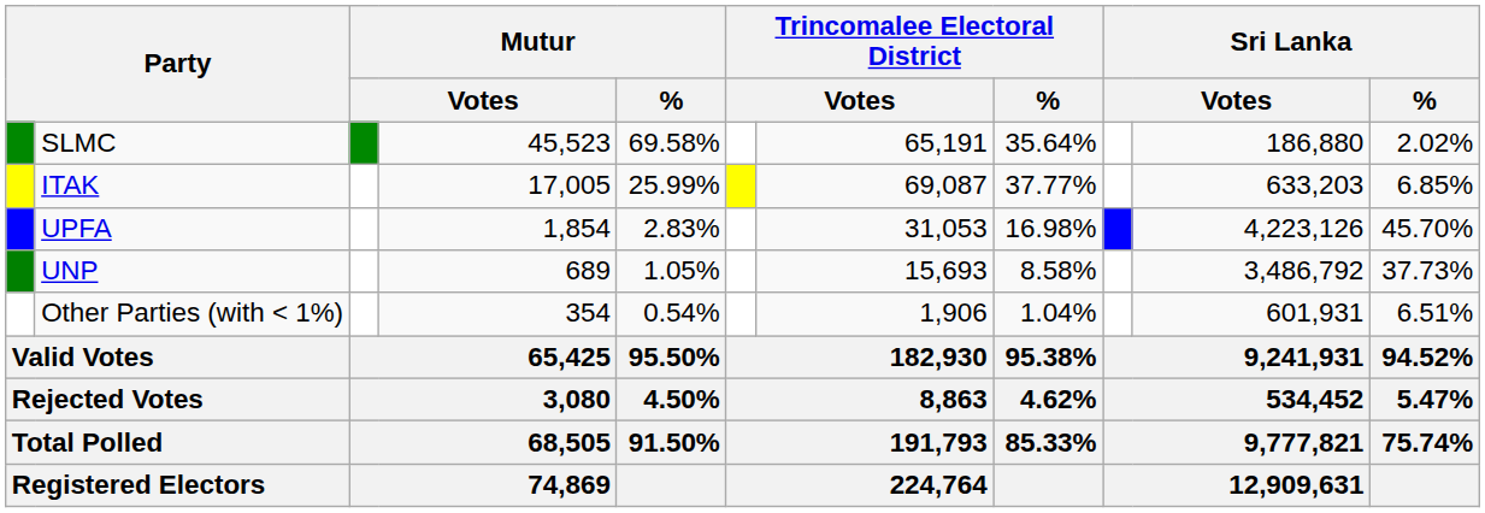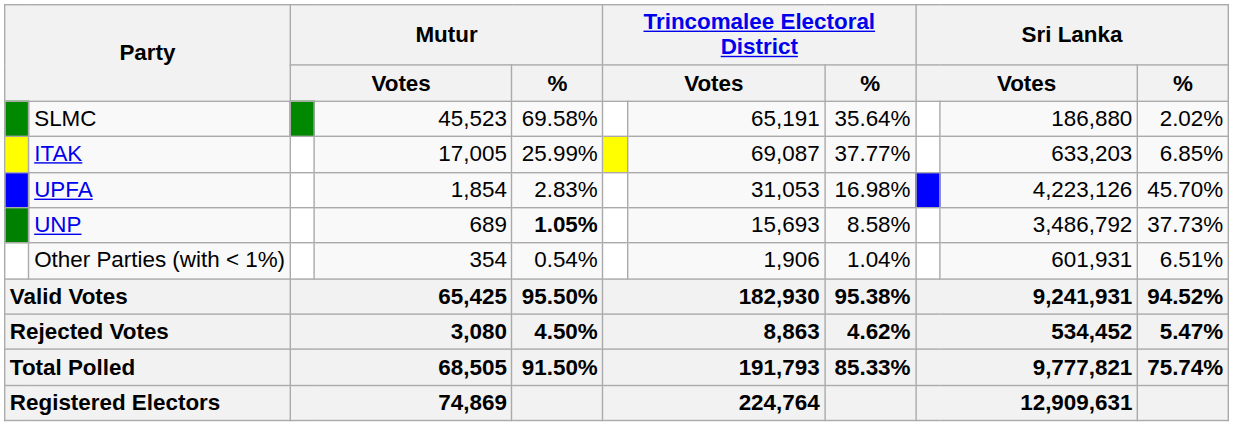 <table class="wikitable">
 <tr>
 <th colspan="2" width="144px"rowspan="2">Party</th>
 <th colspan="3" width="216px">Mutur</th>
 <th colspan="3" width="216px"><a href='#'>Trincomalee Electoral District</a></th>
 <th colspan="3" width="216px">Sri Lanka</th>
 </tr>
 <tr>
 <th colspan="2" width="144px">Votes</th>
 <th>%</th>
 <th colspan="2" width="144px">Votes</th>
 <th>%</th>
 <th colspan="2" width="144px">Votes</th>
 <th>%</th>
 </tr>
 <tr>
 <td style="background-color:#008800;" width="10px"></td>
 <td style="text-align:left;">SLMC</td>
 <td style="background-color:#008800;" width="10px"></td>
 <td style="text-align:right;">45,523</td>
 <td style="text-align:right;">69.58%</td>
 <td style="background-color:white;" width="10px"></td>
 <td style="text-align:right;">65,191</td>
 <td style="text-align:right;">35.64%</td>
 <td style="background-color:white;" width="10px"></td>
 <td style="text-align:right;">186,880</td>
 <td style="text-align:right;">2.02%</td>
 </tr>
 <tr>
 <td style="background-color:yellow;" width="10px"></td>
 <td style="text-align:left;"><a href='#'>ITAK</a></td>
 <td style="background-color:white;" width="10px"></td>
 <td style="text-align:right;">17,005</td>
 <td style="text-align:right;">25.99%</td>
 <td style="background-color:yellow;" width="10px"></td>
 <td style="text-align:right;">69,087</td>
 <td style="text-align:right;">37.77%</td>
 <td style="background-color:white;" width="10px"></td>
 <td style="text-align:right;">633,203</td>
 <td style="text-align:right;">6.85%</td>
 </tr>
 <tr>
 <td style="background-color:blue;" width="10px"></td>
 <td style="text-align:left;"><a href='#'>UPFA</a></td>
 <td style="background-color:white;" width="10px"></td>
 <td style="text-align:right;">1,854</td>
 <td style="text-align:right;">2.83%</td>
 <td style="background-color:white;" width="10px"></td>
 <td style="text-align:right;">31,053</td>
 <td style="text-align:right;">16.98%</td>
 <td style="background-color:blue;" width="10px"></td>
 <td style="text-align:right;">4,223,126</td>
 <td style="text-align:right;">45.70%</td>
 </tr>
 <tr>
 <td style="background-color:green;" width="10px"></td>
 <td style="text-align:left;"><a href='#'>UNP</a></td>
 <td style="background-color:white;" width="10px"></td>
 <td style="text-align:right;">689</td>
-<td style="text-align:right;">1.05%</td>
+<td style="text-align:right;"><strong>1.05%</strong></td>
 <td style="background-color:white;" width="10px"></td>
 <td style="text-align:right;">15,693</td>
 <td style="text-align:right;">8.58%</td>
 <td style="background-color:white;" width="10px"></td>
 <td style="text-align:right;">3,486,792</td>
 <td style="text-align:right;">37.73%</td>
 </tr>
 <tr>
 <td style="background-color:white;" width="10px"></td>
 <td style="text-align:left;">Other Parties (with < 1%)</td>
 <td style="background-color:white;" width="10px"></td>
 <td style="text-align:right;">354</td>
 <td style="text-align:right;">0.54%</td>
 <td style="background-color:white;" width="10px"></td>
 <td style="text-align:right;">1,906</td>
 <td style="text-align:right;">1.04%</td>
 <td style="background-color:white;" width="10px"></td>
 <td style="text-align:right;">601,931</td>
 <td style="text-align:right;">6.51%</td>
 </tr>
 <tr>
 <th colspan="2" width="144px"style="text-align:left;">Valid Votes</th>
 <th style="text-align:right;"colspan="2" width="144px">65,425</th>
 <th style="text-align:right;">95.50%</th>
 <th style="text-align:right;"colspan="2" width="144px">182,930</th>
 <th style="text-align:right;">95.38%</th>
 <th style="text-align:right;"colspan="2" width="144px">9,241,931</th>
 <th style="text-align:right;">94.52%</th>
 </tr>
 <tr>
 <th colspan="2" width="144px"style="text-align:left;">Rejected Votes</th>
 <th style="text-align:right;"colspan="2" width="144px">3,080</th>
 <th style="text-align:right;">4.50%</th>
 <th style="text-align:right;"colspan="2" width="144px">8,863</th>
 <th style="text-align:right;">4.62%</th>
 <th style="text-align:right;"colspan="2" width="144px">534,452</th>
 <th style="text-align:right;">5.47%</th>
 </tr>
 <tr>
 <th colspan="2" width="144px"style="text-align:left;">Total Polled</th>
 <th style="text-align:right;"colspan="2" width="144px">68,505</th>
 <th style="text-align:right;">91.50%</th>
 <th style="text-align:right;"colspan="2" width="144px">191,793</th>
 <th style="text-align:right;">85.33%</th>
 <th style="text-align:right;"colspan="2" width="144px">9,777,821</th>
 <th style="text-align:right;">75.74%</th>
 </tr>
 <tr>
 <th colspan="2" width="144px"style="text-align:left;">Registered Electors</th>
 <th style="text-align:right;"colspan="2" width="144px">74,869</th>
 <th></th>
 <th style="text-align:right;"colspan="2" width="144px">224,764</th>
 <th></th>
 <th style="text-align:right;"colspan="2" width="144px">12,909,631</th>
 <th></th>
 </tr>
 </table>
